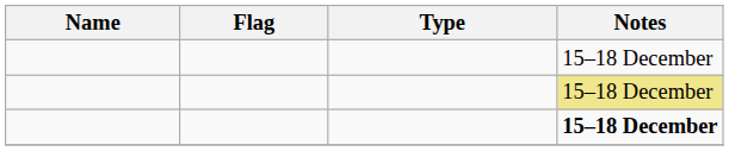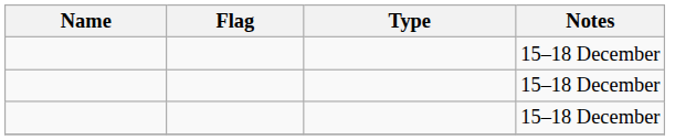 <table class="wikitable sortable">
 <tr>
 <th scope="col" width="120px">Name</th>
 <th scope="col" width="100px">Flag</th>
 <th scope="col" width="160px">Type</th>
 <th>Notes</th>
 </tr>
 <tr>
 <td align="left"></td>
 <td align="left"></td>
 <td align="left"></td>
 <td align="left">15–18 December</td>
 </tr>
 <tr>
 <td align="left"></td>
 <td align="left"></td>
 <td align="left"></td>
-<td align="left" style="background: khaki;">15–18 December</td>
+<td align="left">15–18 December</td>
 </tr>
 <tr>
 <td align="left"></td>
 <td align="left"></td>
 <td align="left"></td>
-<td align="left"><strong>15–18 December</strong></td>
+<td align="left">15–18 December</td>
 </tr>
 <tr>
 </tr>
 </table>
